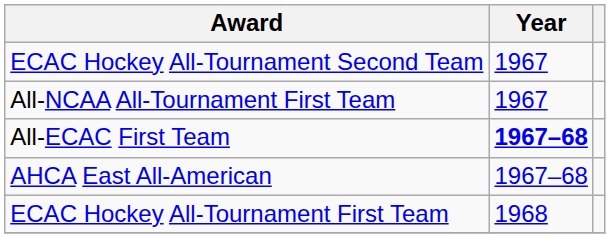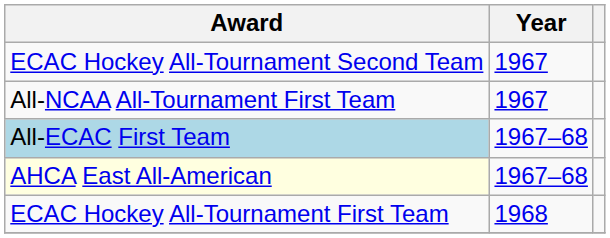 <table class="wikitable">
 <tr>
 <th>Award</th>
 <th>Year</th>
 <th></th>
 </tr>
 <tr>
 <td><a href='#'>ECAC Hockey</a> <a href='#'>All-Tournament Second Team</a></td>
 <td><a href='#'>1967</a></td>
 <td></td>
 </tr>
 <tr>
 <td>All-<a href='#'>NCAA</a> <a href='#'>All-Tournament First Team</a></td>
 <td><a href='#'>1967</a></td>
 <td></td>
 </tr>
 <tr>
-<td>All-<a href='#'>ECAC</a> <a href='#'>First Team</a></td>
-<td><strong><a href='#'>1967–68</a></strong></td>
+<td style="background: lightblue;">All-<a href='#'>ECAC</a> <a href='#'>First Team</a></td>
+<td><a href='#'>1967–68</a></td>
 <td></td>
 </tr>
 <tr>
-<td><a href='#'>AHCA</a> <a href='#'>East All-American</a></td>
+<td style="background: lightyellow;"><a href='#'>AHCA</a> <a href='#'>East All-American</a></td>
 <td><a href='#'>1967–68</a></td>
 <td></td>
 </tr>
 <tr>
 <td><a href='#'>ECAC Hockey</a> <a href='#'>All-Tournament First Team</a></td>
 <td><a href='#'>1968</a></td>
 <td></td>
 </tr>
 <tr>
 </tr>
 </table>
